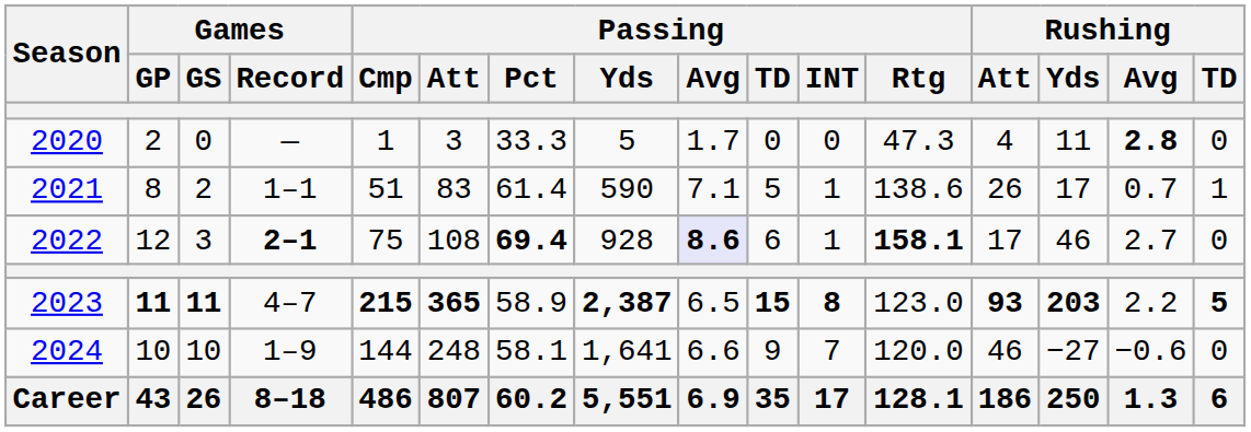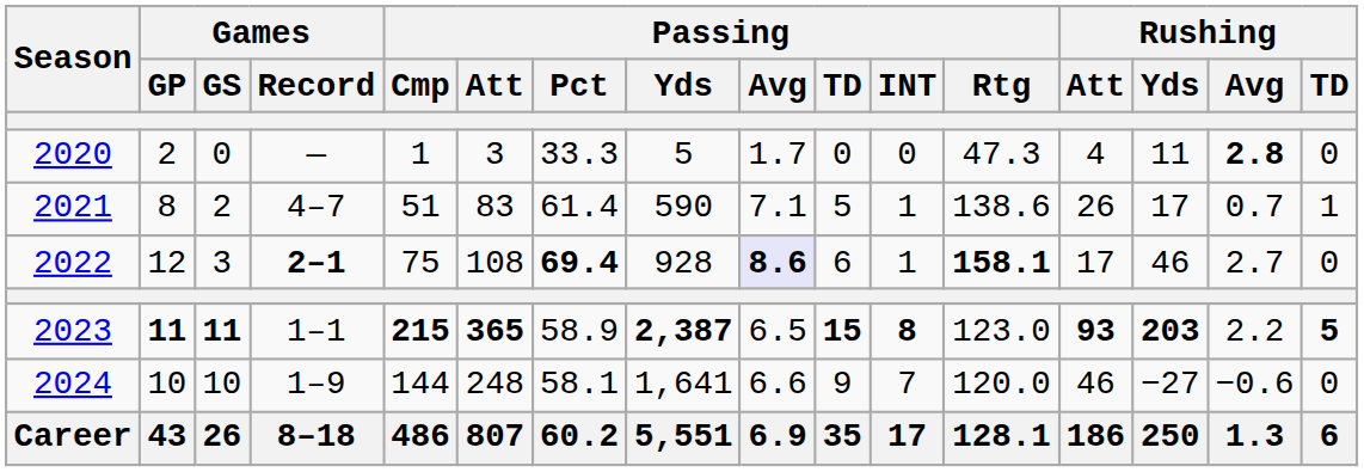 <table class="wikitable" style="text-align:center;">
 <tr>
 <th rowspan=2>Season</th>
 <th colspan=3>Games</th>
 <th colspan=8>Passing</th>
 <th colspan=4>Rushing</th>
 </tr>
 <tr>
 <th>GP</th>
 <th>GS</th>
 <th>Record</th>
 <th>Cmp</th>
 <th>Att</th>
 <th>Pct</th>
 <th>Yds</th>
 <th>Avg</th>
 <th>TD</th>
 <th>INT</th>
 <th>Rtg</th>
 <th>Att</th>
 <th>Yds</th>
 <th>Avg</th>
 <th>TD</th>
 </tr>
 <tr>
 <th colspan="16"></th>
 </tr>
 <tr>
 <td><a href='#'>2020</a></td>
 <td>2</td>
 <td>0</td>
 <td>—</td>
 <td>1</td>
 <td>3</td>
 <td>33.3</td>
 <td>5</td>
 <td>1.7</td>
 <td>0</td>
 <td>0</td>
 <td>47.3</td>
 <td>4</td>
 <td>11</td>
 <td><strong>2.8</strong></td>
 <td>0</td>
 </tr>
 <tr>
 <td><a href='#'>2021</a></td>
 <td>8</td>
 <td>2</td>
-<td>1–1</td>
+<td>4–7</td>
 <td>51</td>
 <td>83</td>
 <td>61.4</td>
 <td>590</td>
 <td>7.1</td>
 <td>5</td>
 <td>1</td>
 <td>138.6</td>
 <td>26</td>
 <td>17</td>
 <td>0.7</td>
 <td>1</td>
 </tr>
 <tr>
 <td><a href='#'>2022</a></td>
 <td>12</td>
 <td>3</td>
 <td><strong>2–1</strong></td>
 <td>75</td>
 <td>108</td>
 <td><strong>69.4</strong></td>
 <td>928</td>
 <td style="background: lavender;"><strong>8.6</strong></td>
 <td>6</td>
 <td>1</td>
 <td><strong>158.1</strong></td>
 <td>17</td>
 <td>46</td>
 <td>2.7</td>
 <td>0</td>
 </tr>
 <tr>
 <th colspan="16"></th>
 </tr>
 <tr>
 <td><a href='#'>2023</a></td>
 <td><strong>11</strong></td>
 <td><strong>11</strong></td>
-<td>4–7</td>
+<td>1–1</td>
 <td><strong>215</strong></td>
 <td><strong>365</strong></td>
 <td>58.9</td>
 <td><strong>2,387</strong></td>
 <td>6.5</td>
 <td><strong>15</strong></td>
 <td><strong>8</strong></td>
 <td>123.0</td>
 <td><strong>93</strong></td>
 <td><strong>203</strong></td>
 <td>2.2</td>
 <td><strong>5</strong></td>
 </tr>
 <tr>
 <td><a href='#'>2024</a></td>
 <td>10</td>
 <td>10</td>
 <td>1–9</td>
 <td>144</td>
 <td>248</td>
 <td>58.1</td>
 <td>1,641</td>
 <td>6.6</td>
 <td>9</td>
 <td>7</td>
 <td>120.0</td>
 <td>46</td>
 <td>−27</td>
 <td>−0.6</td>
 <td>0</td>
 </tr>
 <tr>
 <th>Career</th>
 <th>43</th>
 <th>26</th>
 <th>8–18</th>
 <th>486</th>
 <th>807</th>
 <th>60.2</th>
 <th>5,551</th>
 <th>6.9</th>
 <th>35</th>
 <th>17</th>
 <th>128.1</th>
 <th>186</th>
 <th>250</th>
 <th>1.3</th>
 <th>6</th>
 </tr>
 </table>
